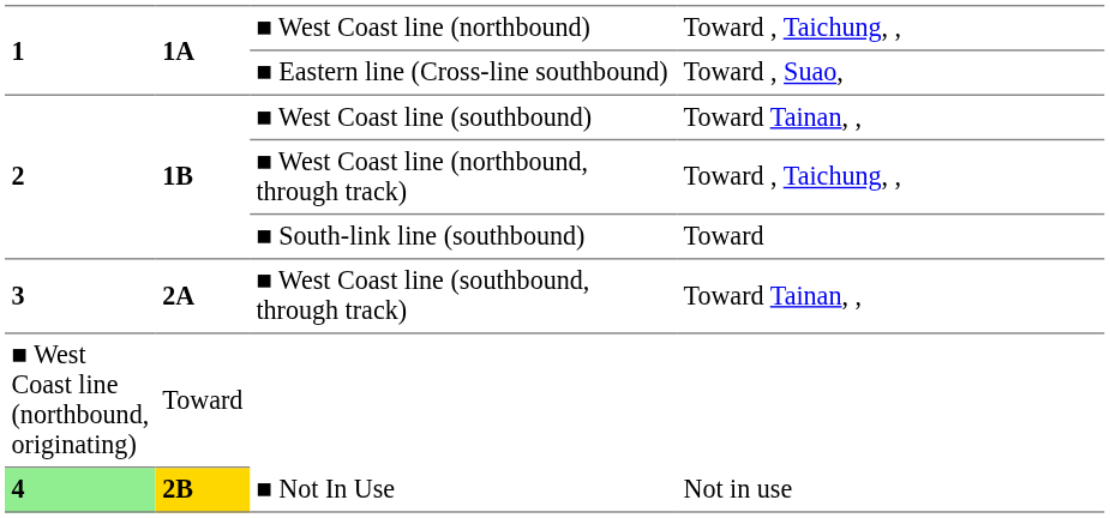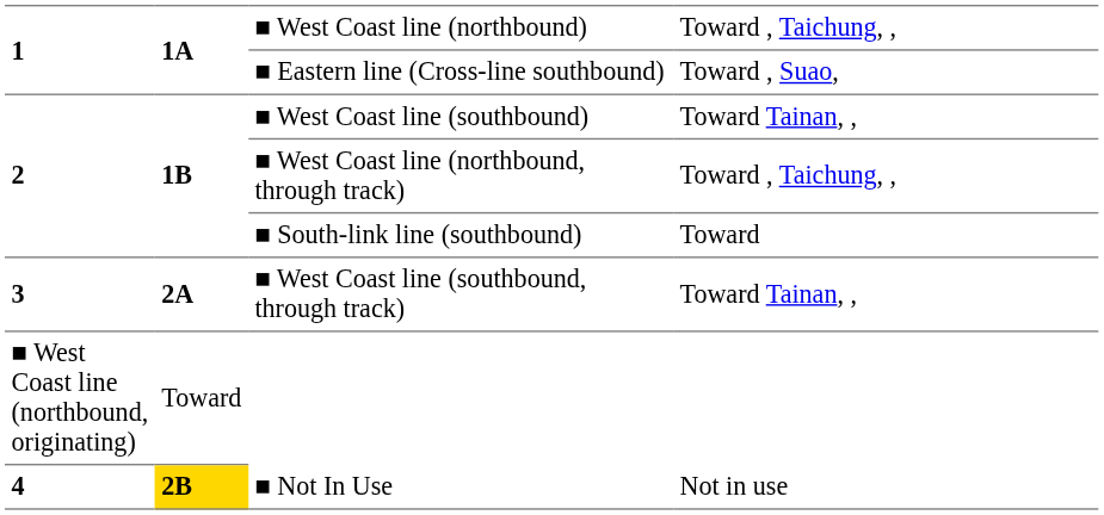 <table table border=0 cellspacing=0 cellpadding=4>
 <tr>
 <td width=25 style="border-top:solid 1px gray; border-bottom:solid 1px gray;" rowspan=2><strong>1</strong></td>
 <td width=30 style="border-top:solid 1px gray; border-bottom:solid 1px gray;" rowspan=2><strong>1A</strong></td>
 <td width=250 style="border-top:solid 1px gray; border-bottom:solid 1px gray;"><span>■</span> West Coast line (northbound)</td>
 <td width=250 style="border-top:solid 1px gray; border-bottom:solid 1px gray;">Toward , <a href='#'>Taichung</a>, , </td>
 </tr>
 <tr>
 <td width=250 style="border-bottom:solid 1px gray;"><span>■</span> Eastern line (Cross-line southbound)</td>
 <td width=250 style="border-bottom:solid 1px gray;">Toward , <a href='#'>Suao</a>, </td>
 </tr>
 <tr>
 <td style="border-bottom:solid 1px gray;" rowspan=3><strong>2</strong></td>
 <td style="border-bottom:solid 1px gray;" rowspan=3><strong>1B</strong></td>
 <td style="border-bottom:solid 1px gray;"><span>■</span> West Coast line (southbound)</td>
 <td style="border-bottom:solid 1px gray;">Toward <a href='#'>Tainan</a>, , </td>
 </tr>
 <tr>
 <td style="border-bottom:solid 1px gray;"><span>■</span> West Coast line (northbound, through track)</td>
 <td style="border-bottom:solid 1px gray;">Toward , <a href='#'>Taichung</a>, , </td>
 </tr>
 <tr>
 <td style="border-bottom:solid 1px gray;"><span>■</span> South-link line (southbound)</td>
 <td style="border-bottom:solid 1px gray;">Toward </td>
 </tr>
 <tr>
 <td style="border-bottom:solid 1px gray;" rowspan=2><strong>3</strong></td>
 <td style="border-bottom:solid 1px gray;" rowspan=2><strong>2A</strong></td>
 <td style="border-bottom:solid 1px gray;"><span>■</span> West Coast line (southbound, through track)</td>
 <td style="border-bottom:solid 1px gray;">Toward <a href='#'>Tainan</a>, , </td>
 </tr>
 <tr>
 </tr>
 <tr>
 <td style="border-bottom:solid 1px gray;"><span>■</span> West Coast line (northbound, originating)</td>
 <td style="border-bottom:solid 1px gray;">Toward </td>
 </tr>
 <tr>
-<td style="background: lightgreen; border-bottom:solid 1px gray;" rowspan=1><strong>4</strong></td>
+<td style="border-bottom:solid 1px gray;" rowspan=1><strong>4</strong></td>
 <td style="background: gold; border-bottom:solid 1px gray;" rowspan=1><strong>2B</strong></td>
 <td style="border-bottom:solid 1px gray;"><span>■</span> Not In Use</td>
 <td style="border-bottom:solid 1px gray;">Not in use</td>
 </tr>
 <tr>
 </tr>
 </table>
